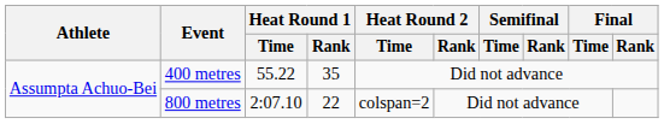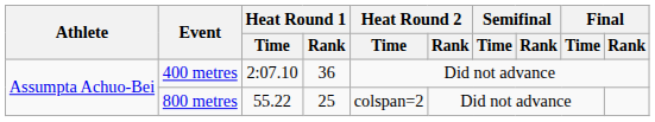 <table class=wikitable style="font-size:90%; text-align:center">
 <tr>
 <th rowspan=2>Athlete</th>
 <th rowspan=2>Event</th>
 <th colspan=2>Heat Round 1</th>
 <th colspan=2>Heat Round 2</th>
 <th colspan=2>Semifinal</th>
 <th colspan=2>Final</th>
 </tr>
 <tr style=font-size:95%>
 <th>Time</th>
 <th>Rank</th>
 <th>Time</th>
 <th>Rank</th>
 <th>Time</th>
 <th>Rank</th>
 <th>Time</th>
 <th>Rank</th>
 </tr>
 <tr align=center>
 <td align=left rowspan=2><a href='#'>Assumpta Achuo-Bei</a></td>
 <td align=left><a href='#'>400 metres</a></td>
-<td>55.22</td>
-<td>35</td>
+<td>2:07.10</td>
+<td>36</td>
 <td colspan=6>Did not advance</td>
 </tr>
 <tr align=center>
 <td align=left><a href='#'>800 metres</a></td>
-<td>2:07.10</td>
-<td>22</td>
+<td>55.22</td>
+<td>25</td>
 <td>colspan=2</td>
 <td colspan=4>Did not advance</td>
 </tr>
 </table>
